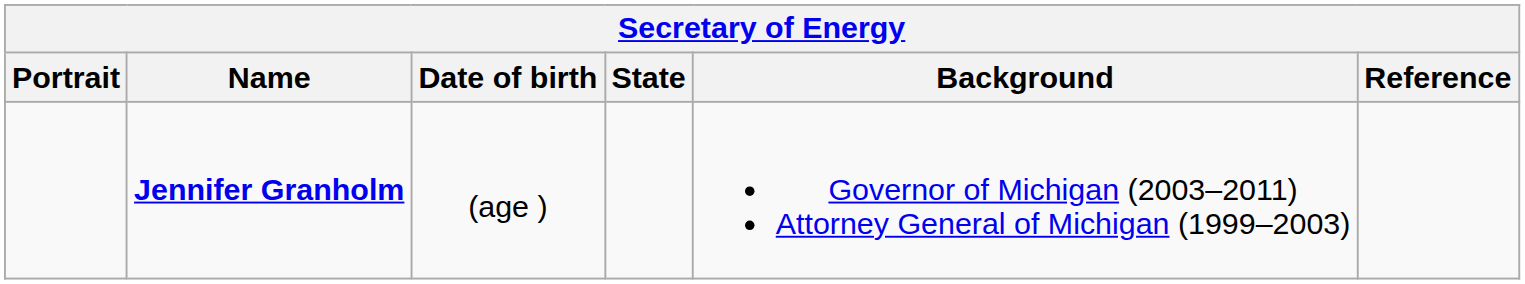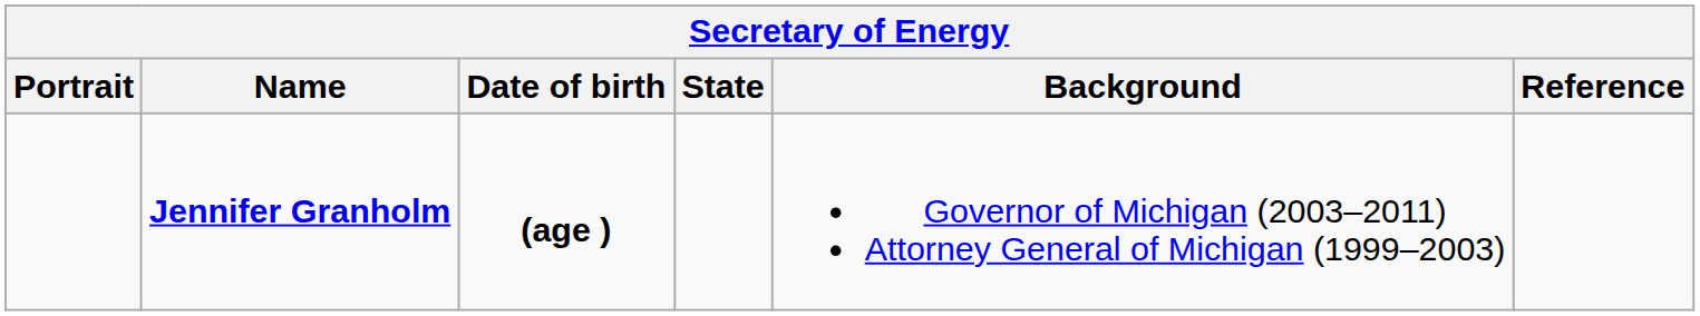 <table class="wikitable collapsible" style="text-align:center;">
 <tr>
 <th colspan="6"><a href='#'>Secretary of Energy</a></th>
 </tr>
 <tr>
 <th>Portrait</th>
 <th>Name</th>
 <th>Date of birth</th>
 <th>State</th>
 <th>Background</th>
 <th>Reference</th>
 </tr>
 <tr>
 <td></td>
 <td><strong><a href='#'>Jennifer Granholm</a></strong></td>
-<td><br>(age )</td>
+<td><strong><br>(age )</strong></td>
 <td></td>
 <td><br><ul><li><a href='#'>Governor of Michigan</a> (2003–2011)</li><li><a href='#'>Attorney General of Michigan</a> (1999–2003)</li></ul></td>
 <td></td>
 </tr>
 </table>
